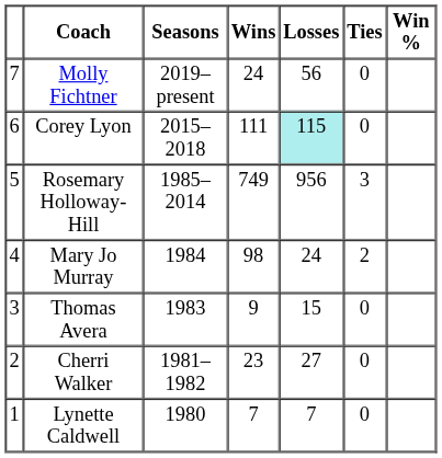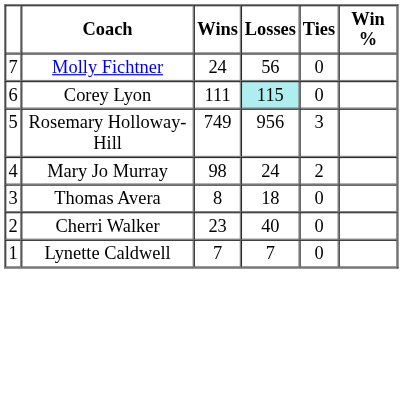 <table cellpadding="2" border="1" cellspacing="0" width="55%">
 <tr>
 <th></th>
 <th>Coach</th>
-<th>Seasons</th>
 <th>Wins</th>
 <th>Losses</th>
 <th>Ties</th>
 <th>Win %</th>
 </tr>
 <tr align="center" valign="top">
 <td>7</td>
 <td><a href='#'>Molly Fichtner</a></td>
-<td>2019–present</td>
 <td>24</td>
 <td>56</td>
 <td>0</td>
 <td> </td>
 </tr>
 <tr align="center" valign="top">
 <td>6</td>
 <td>Corey Lyon</td>
-<td>2015–2018</td>
 <td>111</td>
 <td style="background: paleturquoise;">115</td>
 <td>0</td>
 <td> </td>
 </tr>
 <tr align="center" valign="top">
 <td>5</td>
 <td>Rosemary Holloway-Hill</td>
-<td>1985–2014</td>
 <td>749</td>
 <td>956</td>
 <td>3</td>
 <td></td>
 </tr>
 <tr align="center" valign="top">
 <td>4</td>
 <td>Mary Jo Murray</td>
-<td>1984</td>
 <td>98</td>
 <td>24</td>
 <td>2</td>
 <td></td>
 </tr>
 <tr align="center" valign="top">
 <td>3</td>
 <td>Thomas Avera</td>
-<td>1983</td>
-<td>9</td>
-<td>15</td>
+<td>8</td>
+<td>18</td>
 <td>0</td>
 <td></td>
 </tr>
 <tr align="center" valign="top">
 <td>2</td>
 <td>Cherri Walker</td>
-<td>1981–1982</td>
 <td>23</td>
-<td>27</td>
+<td>40</td>
 <td>0</td>
 <td></td>
 </tr>
 <tr align="center" valign="top">
 <td>1</td>
 <td>Lynette Caldwell</td>
-<td>1980</td>
 <td>7</td>
 <td>7</td>
 <td>0</td>
 <td></td>
 </tr>
 </table>
